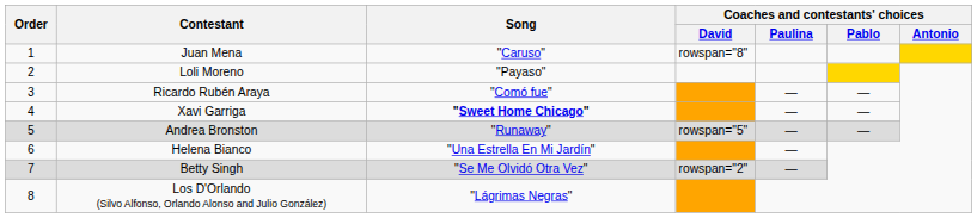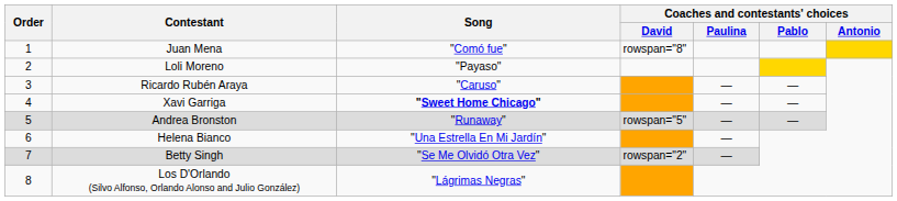 <table class="wikitable" align="center" style="width:100%;">
 <tr>
 <th scope="col" rowspan="2" style="width:05%;">Order</th>
 <th scope="col" rowspan="2" style="width:30%;">Contestant</th>
 <th scope="col" rowspan="2" style="width:30%;">Song</th>
 <th colspan="4" style="width:28%;">Coaches and contestants' choices</th>
 </tr>
 <tr>
 <th style="width:7%;"><a href='#'>David</a></th>
 <th style="width:7%;"><a href='#'>Paulina</a></th>
 <th style="width:7%;"><a href='#'>Pablo</a></th>
 <th style="width:7%;"><a href='#'>Antonio</a></th>
 </tr>
 <tr>
 <td align="center">1</td>
 <td align="center">Juan Mena</td>
-<td align="center">"<a href='#'>Caruso</a>"</td>
+<td align="center">"<a href='#'>Comó fue</a>"</td>
 <td>rowspan="8" </td>
 <td align="center"></td>
 <td align="center"></td>
 <td align="center" bgcolor="Gold"></td>
 </tr>
 <tr>
 <td align="center">2</td>
 <td align="center">Loli Moreno</td>
 <td align="center">"Payaso"</td>
 <td align="center"></td>
 <td align="center"></td>
 <td align="center" bgcolor="Gold"></td>
 </tr>
 <tr>
 <td align="center">3</td>
 <td align="center">Ricardo Rubén Araya</td>
-<td align="center">"<a href='#'>Comó fue</a>"</td>
+<td align="center">"<a href='#'>Caruso</a>"</td>
 <td align="center" bgcolor="Orange"></td>
 <td align="center">—</td>
 <td align="center">—</td>
 </tr>
 <tr>
 <td align="center">4</td>
 <td align="center">Xavi Garriga</td>
 <td align="center"><strong>"<a href='#'>Sweet Home Chicago</a>"</strong></td>
 <td align="center" bgcolor="Orange"></td>
 <td align="center">—</td>
 <td align="center">—</td>
 </tr>
 <tr bgcolor=DCDCDC |>
 <td align="center">5</td>
 <td align="center">Andrea Bronston</td>
 <td align="center">"<a href='#'>Runaway</a>"</td>
 <td>rowspan="5" </td>
 <td align="center">—</td>
 <td align="center">—</td>
 </tr>
 <tr>
 <td align="center">6</td>
 <td align="center">Helena Bianco</td>
 <td align="center">"<a href='#'>Una Estrella En Mi Jardín</a>"</td>
 <td align="center" bgcolor="Orange"></td>
 <td align="center">—</td>
 </tr>
 <tr bgcolor=DCDCDC |>
 <td align="center">7</td>
 <td align="center">Betty Singh</td>
 <td align="center">"<a href='#'>Se Me Olvidó Otra Vez</a>"</td>
 <td>rowspan="2" </td>
 <td align="center">—</td>
 </tr>
 <tr>
 <td align="center">8</td>
 <td align="center">Los D'Orlando <br><small>(Silvo Alfonso, Orlando Alonso and Julio González)</small></td>
 <td align="center">"<a href='#'>Lágrimas Negras</a>"</td>
 <td align="center" bgcolor="Orange"></td>
 </tr>
 </table>
